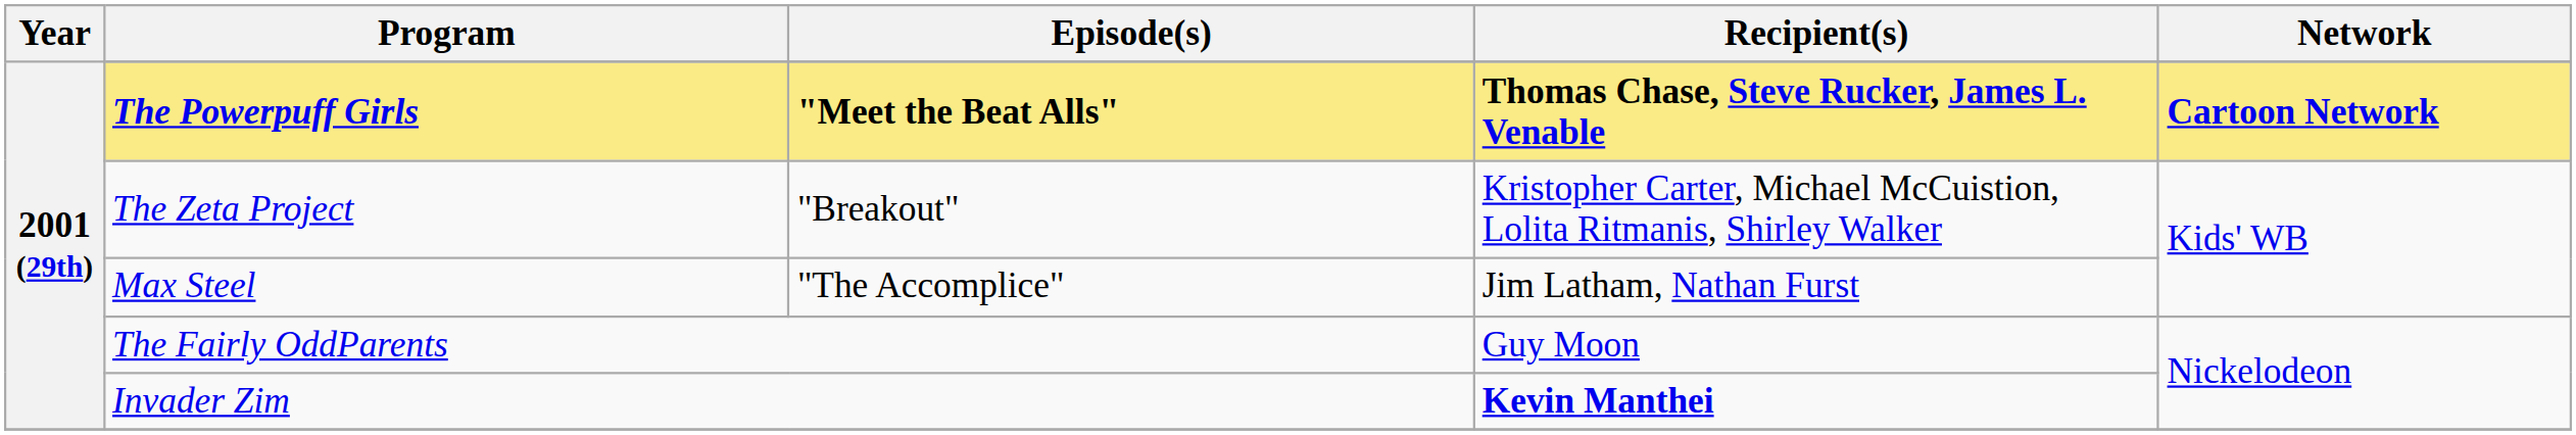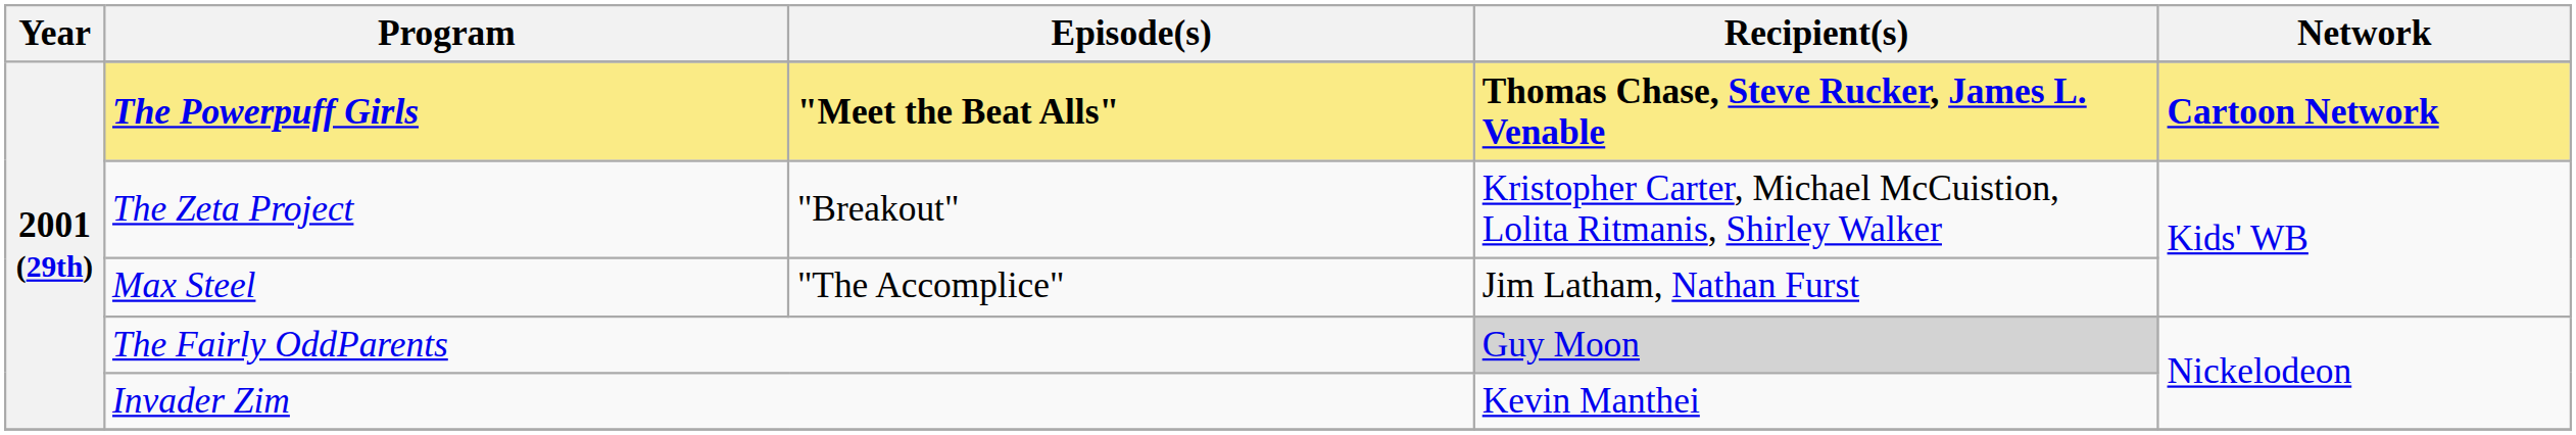 <table class="wikitable" style="width:90%;">
 <tr>
 <th style="width:3%;">Year</th>
 <th style="width:25%;">Program</th>
 <th style="width:25%;">Episode(s)</th>
 <th style="width:25%;">Recipient(s)</th>
 <th style="width:15%;">Network</th>
 </tr>
 <tr>
 <th rowspan="6" style="text-align:center;">2001 <br><small>(<a href='#'>29th</a>)</small><br></th>
 </tr>
 <tr style="background:#FAEB86;">
 <td><strong><em><a href='#'>The Powerpuff Girls</a></em></strong></td>
 <td><strong>"Meet the Beat Alls"</strong></td>
 <td><strong>Thomas Chase, <a href='#'>Steve Rucker</a>, <a href='#'>James L. Venable</a></strong></td>
 <td><strong><a href='#'>Cartoon Network</a></strong></td>
 </tr>
 <tr>
 <td><em><a href='#'>The Zeta Project</a></em></td>
 <td>"Breakout"</td>
 <td><a href='#'>Kristopher Carter</a>, Michael McCuistion, <a href='#'>Lolita Ritmanis</a>, <a href='#'>Shirley Walker</a></td>
 <td rowspan="2"><a href='#'>Kids' WB</a></td>
 </tr>
 <tr>
 <td><em><a href='#'>Max Steel</a></em></td>
 <td>"The Accomplice"</td>
 <td>Jim Latham, <a href='#'>Nathan Furst</a></td>
 </tr>
 <tr>
 <td colspan="2"><em><a href='#'>The Fairly OddParents</a></em></td>
-<td><a href='#'>Guy Moon</a></td>
+<td style="background: lightgrey;"><a href='#'>Guy Moon</a></td>
 <td rowspan="2"><a href='#'>Nickelodeon</a></td>
 </tr>
 <tr>
 <td colspan="2"><em><a href='#'>Invader Zim</a></em></td>
-<td><strong><a href='#'>Kevin Manthei</a></strong></td>
+<td><a href='#'>Kevin Manthei</a></td>
 </tr>
 <tr>
 </tr>
 </table>
